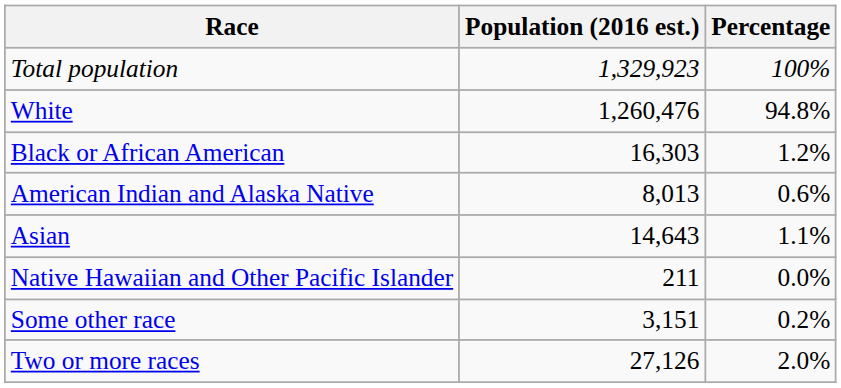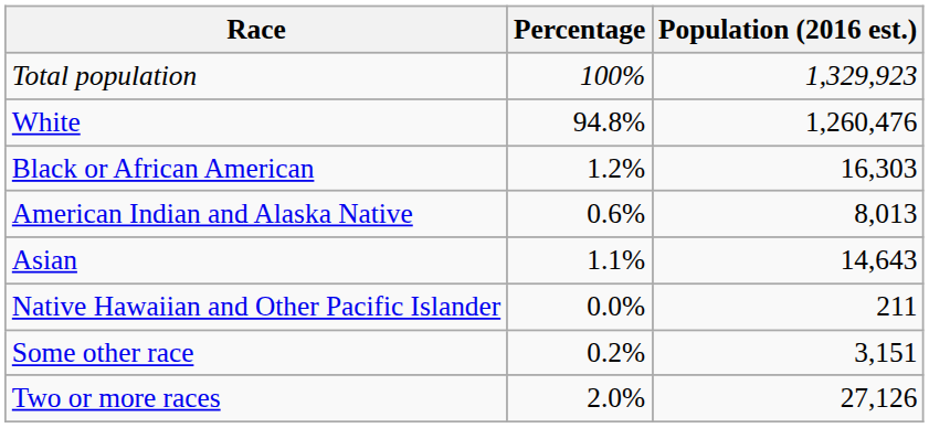 <table class="wikitable sortable collapsible nowrap" style="font-size: 90%; text-align: right; display:inline-table;">
 <tr>
 <th>Race</th>
+<th>Percentage</th>
 <th>Population (2016 est.)</th>
-<th>Percentage</th>
 </tr>
 <tr>
 <td style="text-align: left;"><em>Total population</em></td>
+<td><em>100%</em></td>
 <td><em>1,329,923</em></td>
-<td><em>100%</em></td>
 </tr>
 <tr>
 <td style="text-align: left;"><a href='#'>White</a></td>
+<td>94.8%</td>
 <td>1,260,476</td>
-<td>94.8%</td>
 </tr>
 <tr>
 <td style="text-align: left;"><a href='#'>Black or African American</a></td>
+<td>1.2%</td>
 <td>16,303</td>
-<td>1.2%</td>
 </tr>
 <tr>
 <td style="text-align: left;"><a href='#'>American Indian and Alaska Native</a></td>
+<td>0.6%</td>
 <td>8,013</td>
-<td>0.6%</td>
 </tr>
 <tr>
 <td style="text-align: left;"><a href='#'>Asian</a></td>
+<td>1.1%</td>
 <td>14,643</td>
-<td>1.1%</td>
 </tr>
 <tr>
 <td style="text-align: left;"><a href='#'>Native Hawaiian and Other Pacific Islander</a></td>
+<td>0.0%</td>
 <td>211</td>
-<td>0.0%</td>
 </tr>
 <tr>
 <td style="text-align: left;"><a href='#'>Some other race</a></td>
+<td>0.2%</td>
 <td>3,151</td>
-<td>0.2%</td>
 </tr>
 <tr>
 <td style="text-align: left;"><a href='#'>Two or more races</a></td>
+<td>2.0%</td>
 <td>27,126</td>
-<td>2.0%</td>
 </tr>
 </table>
